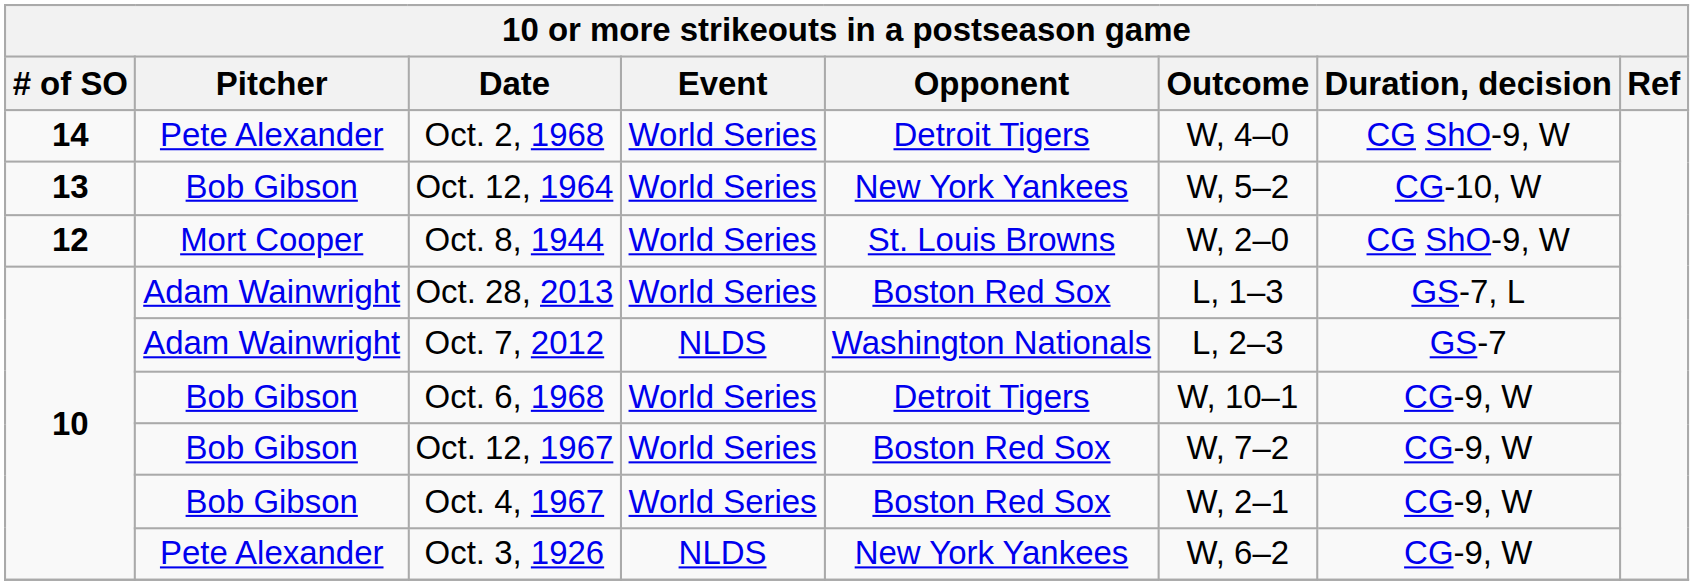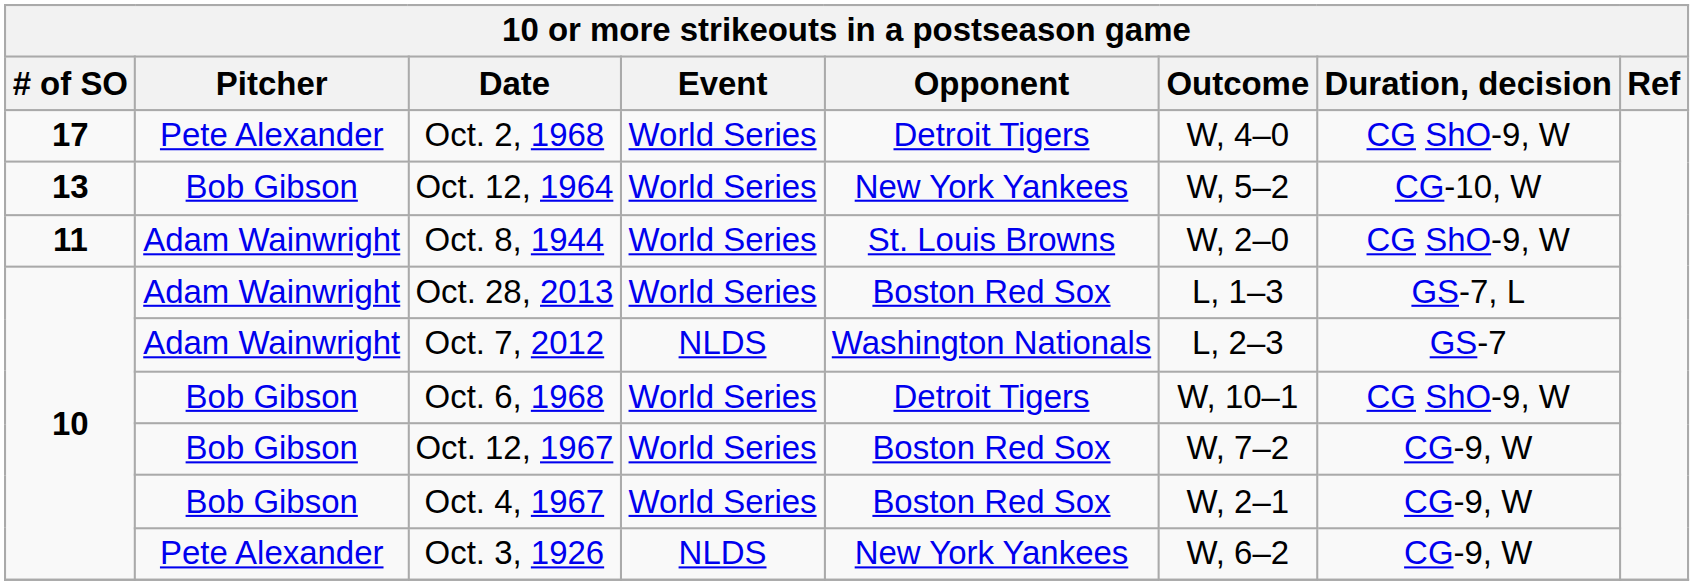 <table class="wikitable unsortable" style="text-align:center">
 <tr>
 <th colspan=8><strong>10 or more strikeouts in a postseason game</strong></th>
 </tr>
 <tr>
 <th scope="col"># of SO</th>
 <th scope="col">Pitcher</th>
 <th scope="col">Date</th>
 <th scope="col">Event</th>
 <th scope="col">Opponent</th>
 <th scope="col">Outcome</th>
 <th scope="col">Duration, decision</th>
 <th scope="col">Ref</th>
 </tr>
 <tr>
-<td><strong>14</strong></td>
+<td><strong>17</strong></td>
 <td><a href='#'>Pete Alexander</a></td>
 <td>Oct. 2, <a href='#'>1968</a></td>
 <td><a href='#'>World Series</a></td>
 <td><a href='#'>Detroit Tigers</a></td>
 <td>W, 4–0</td>
 <td><a href='#'>CG</a> <a href='#'>ShO</a>-9, W</td>
 <td rowspan="9" style="text-align: center;"></td>
 </tr>
 <tr>
 <td><strong>13</strong></td>
 <td><a href='#'>Bob Gibson</a></td>
 <td>Oct. 12, <a href='#'>1964</a></td>
 <td><a href='#'>World Series</a></td>
 <td><a href='#'>New York Yankees</a></td>
 <td>W, 5–2</td>
 <td><a href='#'>CG</a>-10, W</td>
 </tr>
 <tr>
-<td><strong>12</strong></td>
-<td><a href='#'>Mort Cooper</a></td>
+<td><strong>11</strong></td>
+<td><a href='#'>Adam Wainwright</a></td>
 <td>Oct. 8, <a href='#'>1944</a></td>
 <td><a href='#'>World Series</a></td>
 <td><a href='#'>St. Louis Browns</a></td>
 <td>W, 2–0</td>
 <td><a href='#'>CG</a> <a href='#'>ShO</a>-9, W</td>
 </tr>
 <tr>
 <td rowspan="6" style="text-align: center;"><strong>10</strong></td>
 <td><a href='#'>Adam Wainwright</a></td>
 <td>Oct. 28, <a href='#'>2013</a></td>
 <td><a href='#'>World Series</a></td>
 <td><a href='#'>Boston Red Sox</a></td>
 <td>L, 1–3</td>
 <td><a href='#'>GS</a>-7, L</td>
 </tr>
 <tr>
 <td><a href='#'>Adam Wainwright</a></td>
 <td>Oct. 7, <a href='#'>2012</a></td>
 <td><a href='#'>NLDS</a></td>
 <td><a href='#'>Washington Nationals</a></td>
 <td>L, 2–3</td>
 <td><a href='#'>GS</a>-7</td>
 </tr>
 <tr>
 <td><a href='#'>Bob Gibson</a></td>
 <td>Oct. 6, <a href='#'>1968</a></td>
 <td><a href='#'>World Series</a></td>
 <td><a href='#'>Detroit Tigers</a></td>
 <td>W, 10–1</td>
-<td><a href='#'>CG</a>-9, W</td>
+<td><a href='#'>CG</a> <a href='#'>ShO</a>-9, W</td>
 </tr>
 <tr>
 <td><a href='#'>Bob Gibson</a></td>
 <td>Oct. 12, <a href='#'>1967</a></td>
 <td><a href='#'>World Series</a></td>
 <td><a href='#'>Boston Red Sox</a></td>
 <td>W, 7–2</td>
 <td><a href='#'>CG</a>-9, W</td>
 </tr>
 <tr>
 <td><a href='#'>Bob Gibson</a></td>
 <td>Oct. 4, <a href='#'>1967</a></td>
 <td><a href='#'>World Series</a></td>
 <td><a href='#'>Boston Red Sox</a></td>
 <td>W, 2–1</td>
 <td><a href='#'>CG</a>-9, W</td>
 </tr>
 <tr>
 <td><a href='#'>Pete Alexander</a></td>
 <td>Oct. 3, <a href='#'>1926</a></td>
 <td><a href='#'>NLDS</a></td>
 <td><a href='#'>New York Yankees</a></td>
 <td>W, 6–2</td>
 <td><a href='#'>CG</a>-9, W</td>
 </tr>
 <tr>
 </tr>
 </table>
